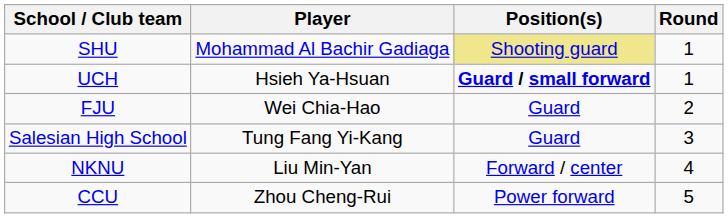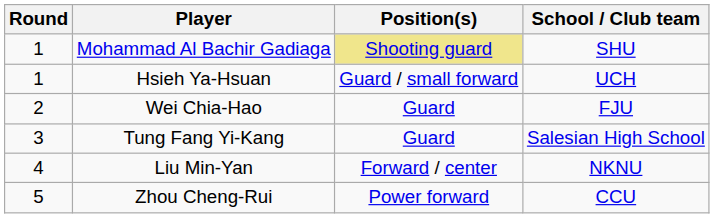 <table class="wikitable sortable sortable">
 <tr>
-<th>School / Club team</th>
+<th>Round</th>
 <th>Player</th>
 <th>Position(s)</th>
-<th>Round</th>
+<th>School / Club team</th>
 </tr>
 <tr style="text-align: center">
-<td><a href='#'>SHU</a></td>
+<td>1</td>
 <td><a href='#'>Mohammad Al Bachir Gadiaga</a></td>
 <td style="background: khaki;"><a href='#'>Shooting guard</a></td>
-<td>1</td>
+<td><a href='#'>SHU</a></td>
 </tr>
 <tr style="text-align: center">
+<td>1</td>
+<td>Hsieh Ya-Hsuan</td>
+<td><a href='#'>Guard</a> / <a href='#'>small forward</a></td>
 <td><a href='#'>UCH</a></td>
-<td>Hsieh Ya-Hsuan</td>
-<td><strong><a href='#'>Guard</a> / <a href='#'>small forward</a></strong></td>
-<td>1</td>
 </tr>
 <tr style="text-align: center">
-<td><a href='#'>FJU</a></td>
+<td>2</td>
 <td>Wei Chia-Hao</td>
 <td><a href='#'>Guard</a></td>
-<td>2</td>
+<td><a href='#'>FJU</a></td>
 </tr>
 <tr style="text-align: center">
-<td><a href='#'>Salesian High School</a></td>
+<td>3</td>
 <td>Tung Fang Yi-Kang</td>
 <td><a href='#'>Guard</a></td>
-<td>3</td>
+<td><a href='#'>Salesian High School</a></td>
 </tr>
 <tr style="text-align: center">
-<td><a href='#'>NKNU</a></td>
+<td>4</td>
 <td>Liu Min-Yan</td>
 <td><a href='#'>Forward</a> / <a href='#'>center</a></td>
-<td>4</td>
+<td><a href='#'>NKNU</a></td>
 </tr>
 <tr style="text-align: center">
-<td><a href='#'>CCU</a></td>
+<td>5</td>
 <td>Zhou Cheng-Rui</td>
 <td><a href='#'>Power forward</a></td>
-<td>5</td>
+<td><a href='#'>CCU</a></td>
 </tr>
 </table>
